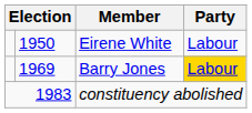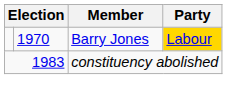 <table class="wikitable">
 <tr>
 <th colspan="2">Election</th>
 <th>Member</th>
 <th>Party</th>
 </tr>
 <tr>
 <td style="color:inherit;background-color: "></td>
-<td><a href='#'>1950</a></td>
-<td><a href='#'>Eirene White</a></td>
-<td><a href='#'>Labour</a></td>
-</tr>
-<tr>
-<td style="color:inherit;background-color: "></td>
-<td><a href='#'>1969</a></td>
+<td><a href='#'>1970</a></td>
 <td><a href='#'>Barry Jones</a></td>
 <td style="background: gold;"><a href='#'>Labour</a></td>
 </tr>
 <tr>
 <td colspan="2" align="right"><a href='#'>1983</a></td>
 <td colspan="2"><em>constituency abolished</em></td>
 </tr>
 </table>
